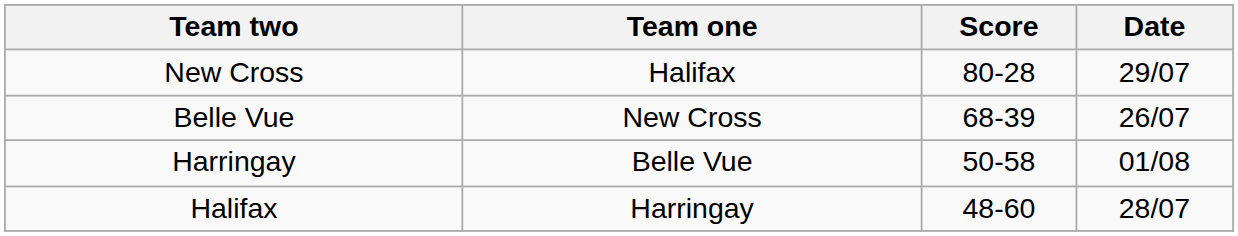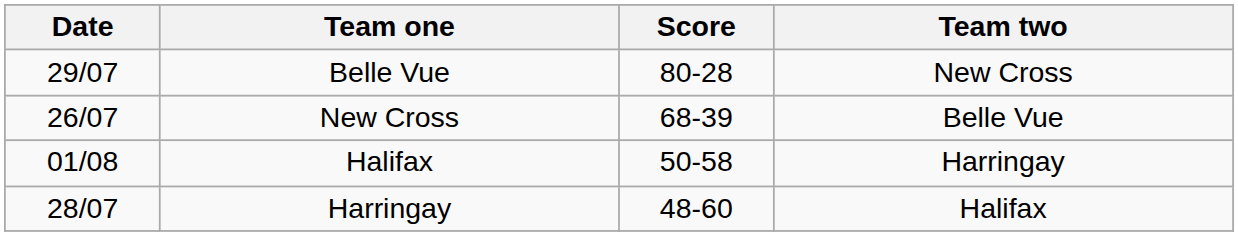 <table class="wikitable" style="text-align: center">
 <tr>
-<th width=250>Team two</th>
+<th width=80>Date</th>
 <th width=250>Team one</th>
 <th width=80>Score</th>
-<th width=80>Date</th>
+<th width=250>Team two</th>
 </tr>
 <tr>
+<td>29/07</td>
+<td>Belle Vue</td>
+<td>80-28</td>
 <td>New Cross</td>
-<td>Halifax</td>
-<td>80-28</td>
-<td>29/07</td>
 </tr>
 <tr>
-<td>Belle Vue</td>
+<td>26/07</td>
 <td>New Cross</td>
 <td>68-39</td>
-<td>26/07</td>
+<td>Belle Vue</td>
 </tr>
 <tr>
+<td>01/08</td>
+<td>Halifax</td>
+<td>50-58</td>
 <td>Harringay</td>
-<td>Belle Vue</td>
-<td>50-58</td>
-<td>01/08</td>
 </tr>
 <tr>
-<td>Halifax</td>
+<td>28/07</td>
 <td>Harringay</td>
 <td>48-60</td>
-<td>28/07</td>
+<td>Halifax</td>
 </tr>
 </table>
